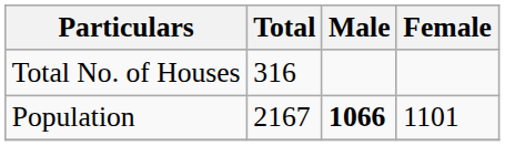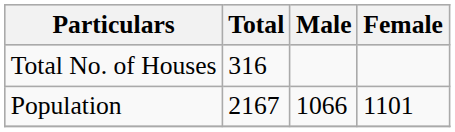 <table class="wikitable sortable">
 <tr>
 <th>Particulars</th>
 <th>Total</th>
 <th>Male</th>
 <th>Female</th>
 </tr>
 <tr>
 <td>Total No. of Houses</td>
 <td>316</td>
 <td></td>
 <td></td>
 </tr>
 <tr>
 <td>Population</td>
 <td>2167</td>
-<td><strong>1066</strong></td>
+<td>1066</td>
 <td>1101</td>
 </tr>
 <tr>
 </tr>
 </table>
